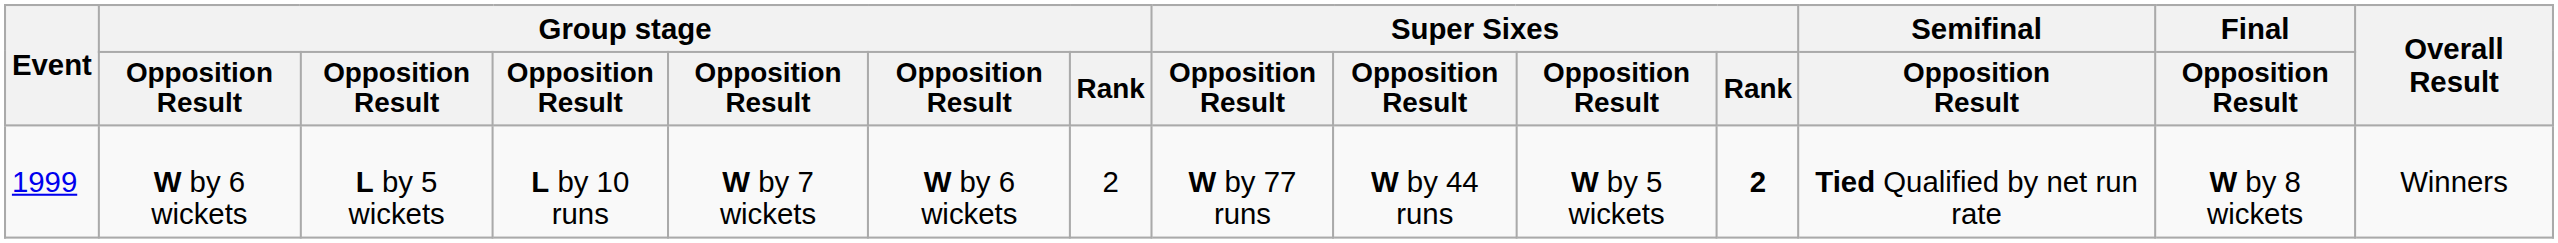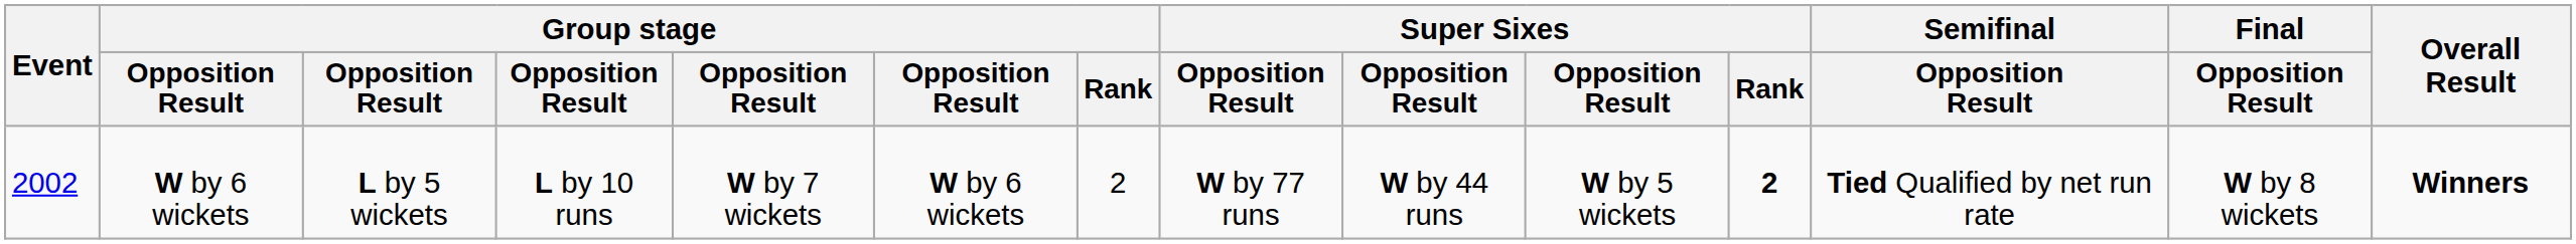 <table class=wikitable style=font-size:90%;text-align:center>
 <tr>
 <th rowspan=2>Event</th>
 <th colspan=6>Group stage</th>
 <th colspan=4>Super Sixes</th>
 <th>Semifinal</th>
 <th>Final</th>
 <th rowspan=2>Overall Result</th>
 </tr>
 <tr style=font-size:95%>
 <th>Opposition<br>Result</th>
 <th>Opposition<br>Result</th>
 <th>Opposition<br>Result</th>
 <th>Opposition<br>Result</th>
 <th>Opposition<br>Result</th>
 <th>Rank</th>
 <th>Opposition<br>Result</th>
 <th>Opposition<br>Result</th>
 <th>Opposition<br>Result</th>
 <th>Rank</th>
 <th>Opposition<br>Result</th>
 <th>Opposition<br>Result</th>
 </tr>
 <tr>
-<td align=left><a href='#'>1999</a></td>
+<td align=left><a href='#'>2002</a></td>
 <td><br><strong>W</strong> by 6 wickets</td>
 <td><br><strong>L</strong> by 5 wickets</td>
 <td><br><strong>L</strong> by 10 runs</td>
 <td><br><strong>W</strong> by 7 wickets</td>
 <td><br><strong>W</strong> by 6 wickets</td>
 <td>2</td>
 <td><br><strong>W</strong> by 77 runs</td>
 <td><br><strong>W</strong> by 44 runs</td>
 <td><br><strong>W</strong> by 5 wickets</td>
 <td><strong>2</strong></td>
 <td><br> <strong>Tied</strong> Qualified by net run rate</td>
 <td><br><strong>W</strong> by 8 wickets</td>
-<td>Winners</td>
+<td><strong>Winners</strong></td>
 </tr>
 </table>
